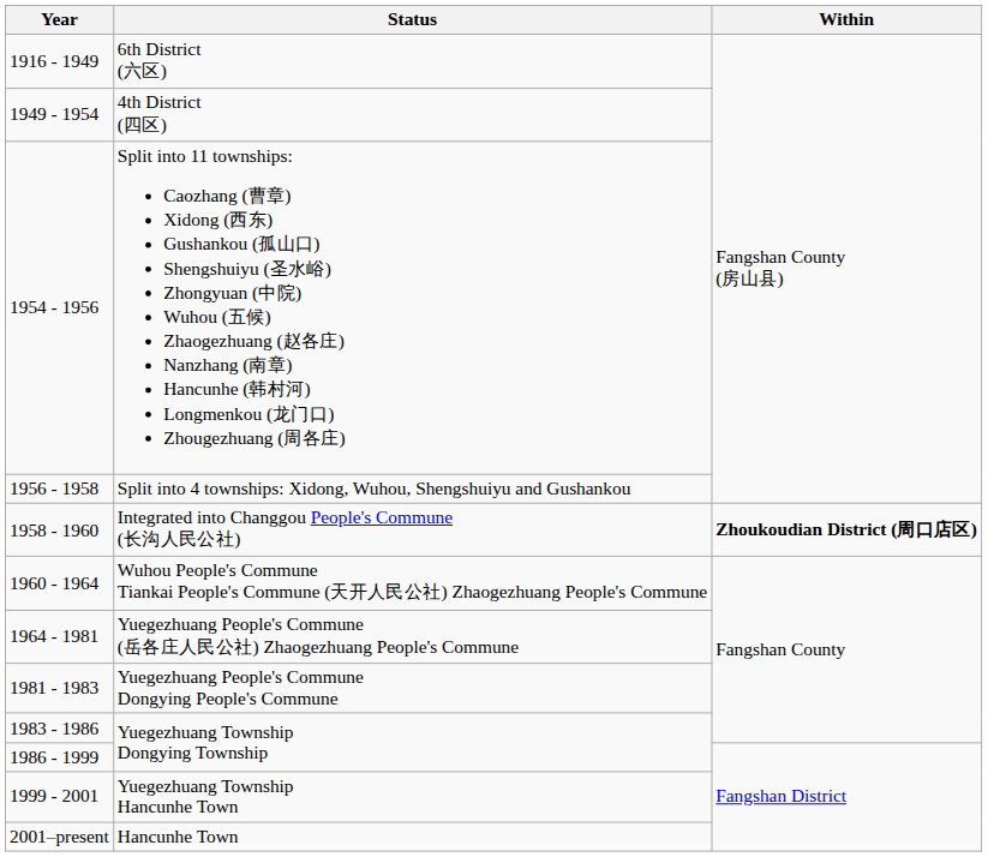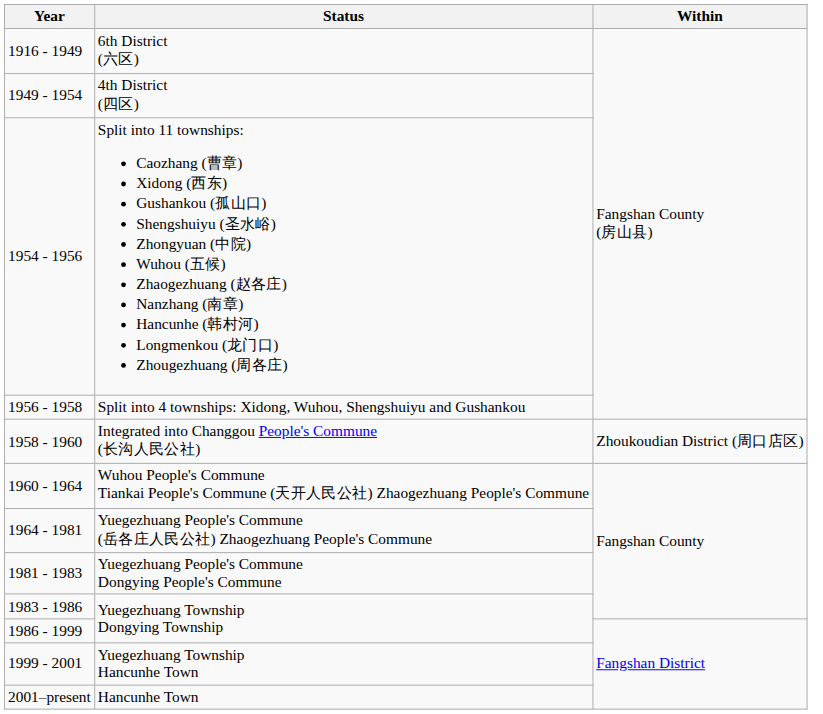 <table class="wikitable">
 <tr>
 <th>Year</th>
 <th>Status</th>
 <th>Within</th>
 </tr>
 <tr>
 <td>1916 - 1949</td>
 <td>6th District<br>(六区)</td>
 <td rowspan="4">Fangshan County<br>(房山县)</td>
 </tr>
 <tr>
 <td>1949 - 1954</td>
 <td>4th District<br>(四区)</td>
 </tr>
 <tr>
 <td>1954 - 1956</td>
 <td>Split into 11 townships:<br><ul><li>Caozhang (曹章)</li><li>Xidong (西东)</li><li>Gushankou (孤山口)</li><li>Shengshuiyu (圣水峪)</li><li>Zhongyuan (中院)</li><li>Wuhou (五候)</li><li>Zhaogezhuang (赵各庄)</li><li>Nanzhang (南章)</li><li>Hancunhe (韩村河)</li><li>Longmenkou (龙门口)</li><li>Zhougezhuang (周各庄)</li></ul></td>
 </tr>
 <tr>
 <td>1956 - 1958</td>
 <td>Split into 4 townships: Xidong, Wuhou, Shengshuiyu and Gushankou</td>
 </tr>
 <tr>
 <td>1958 - 1960</td>
 <td>Integrated into Changgou <a href='#'>People's Commune</a><br>(长沟人民公社)</td>
-<td><strong>Zhoukoudian District (周口店区)</strong></td>
+<td>Zhoukoudian District (周口店区)</td>
 </tr>
 <tr>
 <td>1960 - 1964</td>
 <td>Wuhou People's Commune<br>Tiankai People's Commune (天开人民公社) Zhaogezhuang People's Commune</td>
 <td rowspan="4">Fangshan County</td>
 </tr>
 <tr>
 <td>1964 - 1981</td>
 <td>Yuegezhuang People's Commune<br>(岳各庄人民公社) Zhaogezhuang People's Commune</td>
 </tr>
 <tr>
 <td>1981 - 1983</td>
 <td>Yuegezhuang People's Commune<br>Dongying People's Commune</td>
 </tr>
 <tr>
 <td>1983 - 1986</td>
 <td rowspan="2">Yuegezhuang Township<br>Dongying Township</td>
 </tr>
 <tr>
 <td>1986 - 1999</td>
 <td rowspan="3"><a href='#'>Fangshan District</a></td>
 </tr>
 <tr>
 <td>1999 - 2001</td>
 <td>Yuegezhuang Township<br>Hancunhe Town</td>
 </tr>
 <tr>
 <td>2001–present</td>
 <td>Hancunhe Town</td>
 </tr>
 </table>
